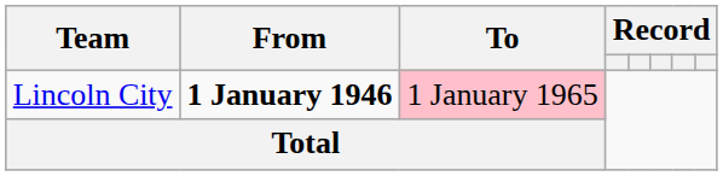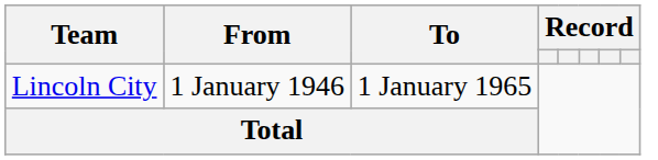 <table class=wikitable style="text-align: center">
 <tr>
 <th rowspan=2>Team</th>
 <th rowspan=2>From</th>
 <th rowspan=2>To</th>
 <th colspan=5>Record</th>
 </tr>
 <tr>
 <th></th>
 <th></th>
 <th></th>
 <th></th>
 <th></th>
 </tr>
 <tr>
 <td align=left><a href='#'>Lincoln City</a></td>
-<td align=left><strong>1 January 1946</strong></td>
-<td align=left style="background: pink;">1 January 1965<br></td>
+<td align=left>1 January 1946</td>
+<td align=left>1 January 1965<br></td>
 </tr>
 <tr>
 <th colspan=3>Total<br></th>
 </tr>
 </table>
